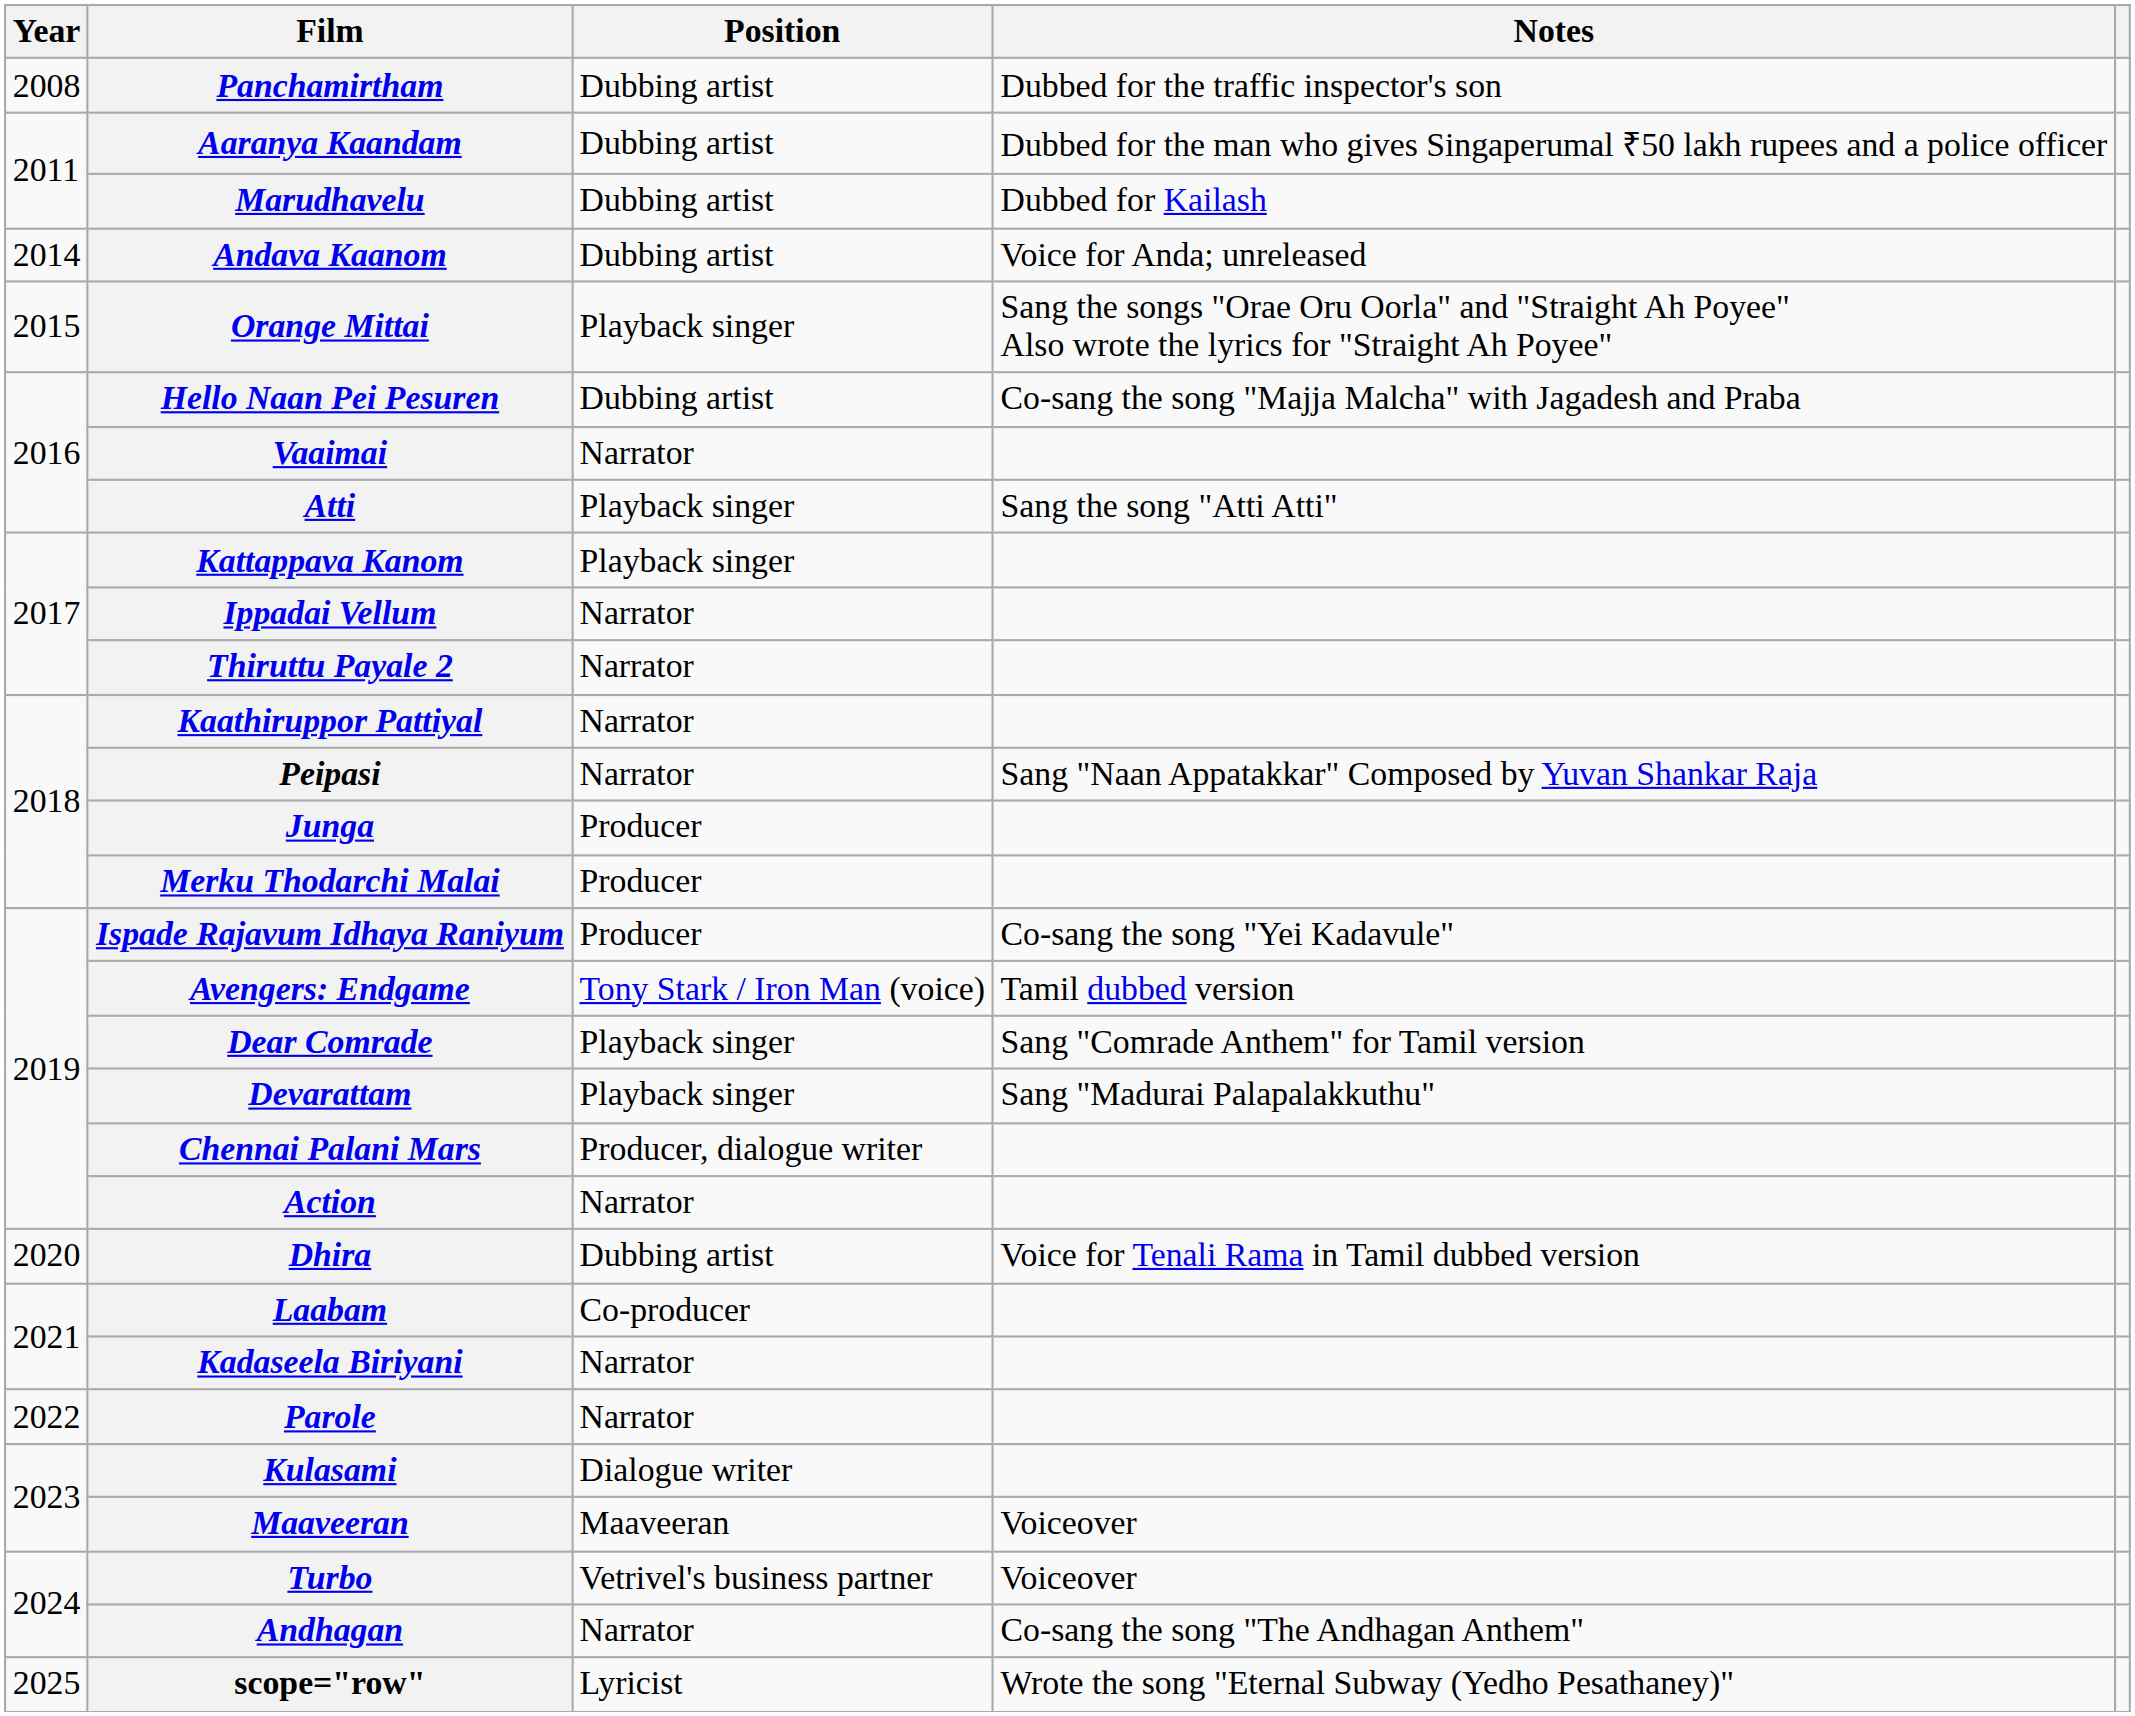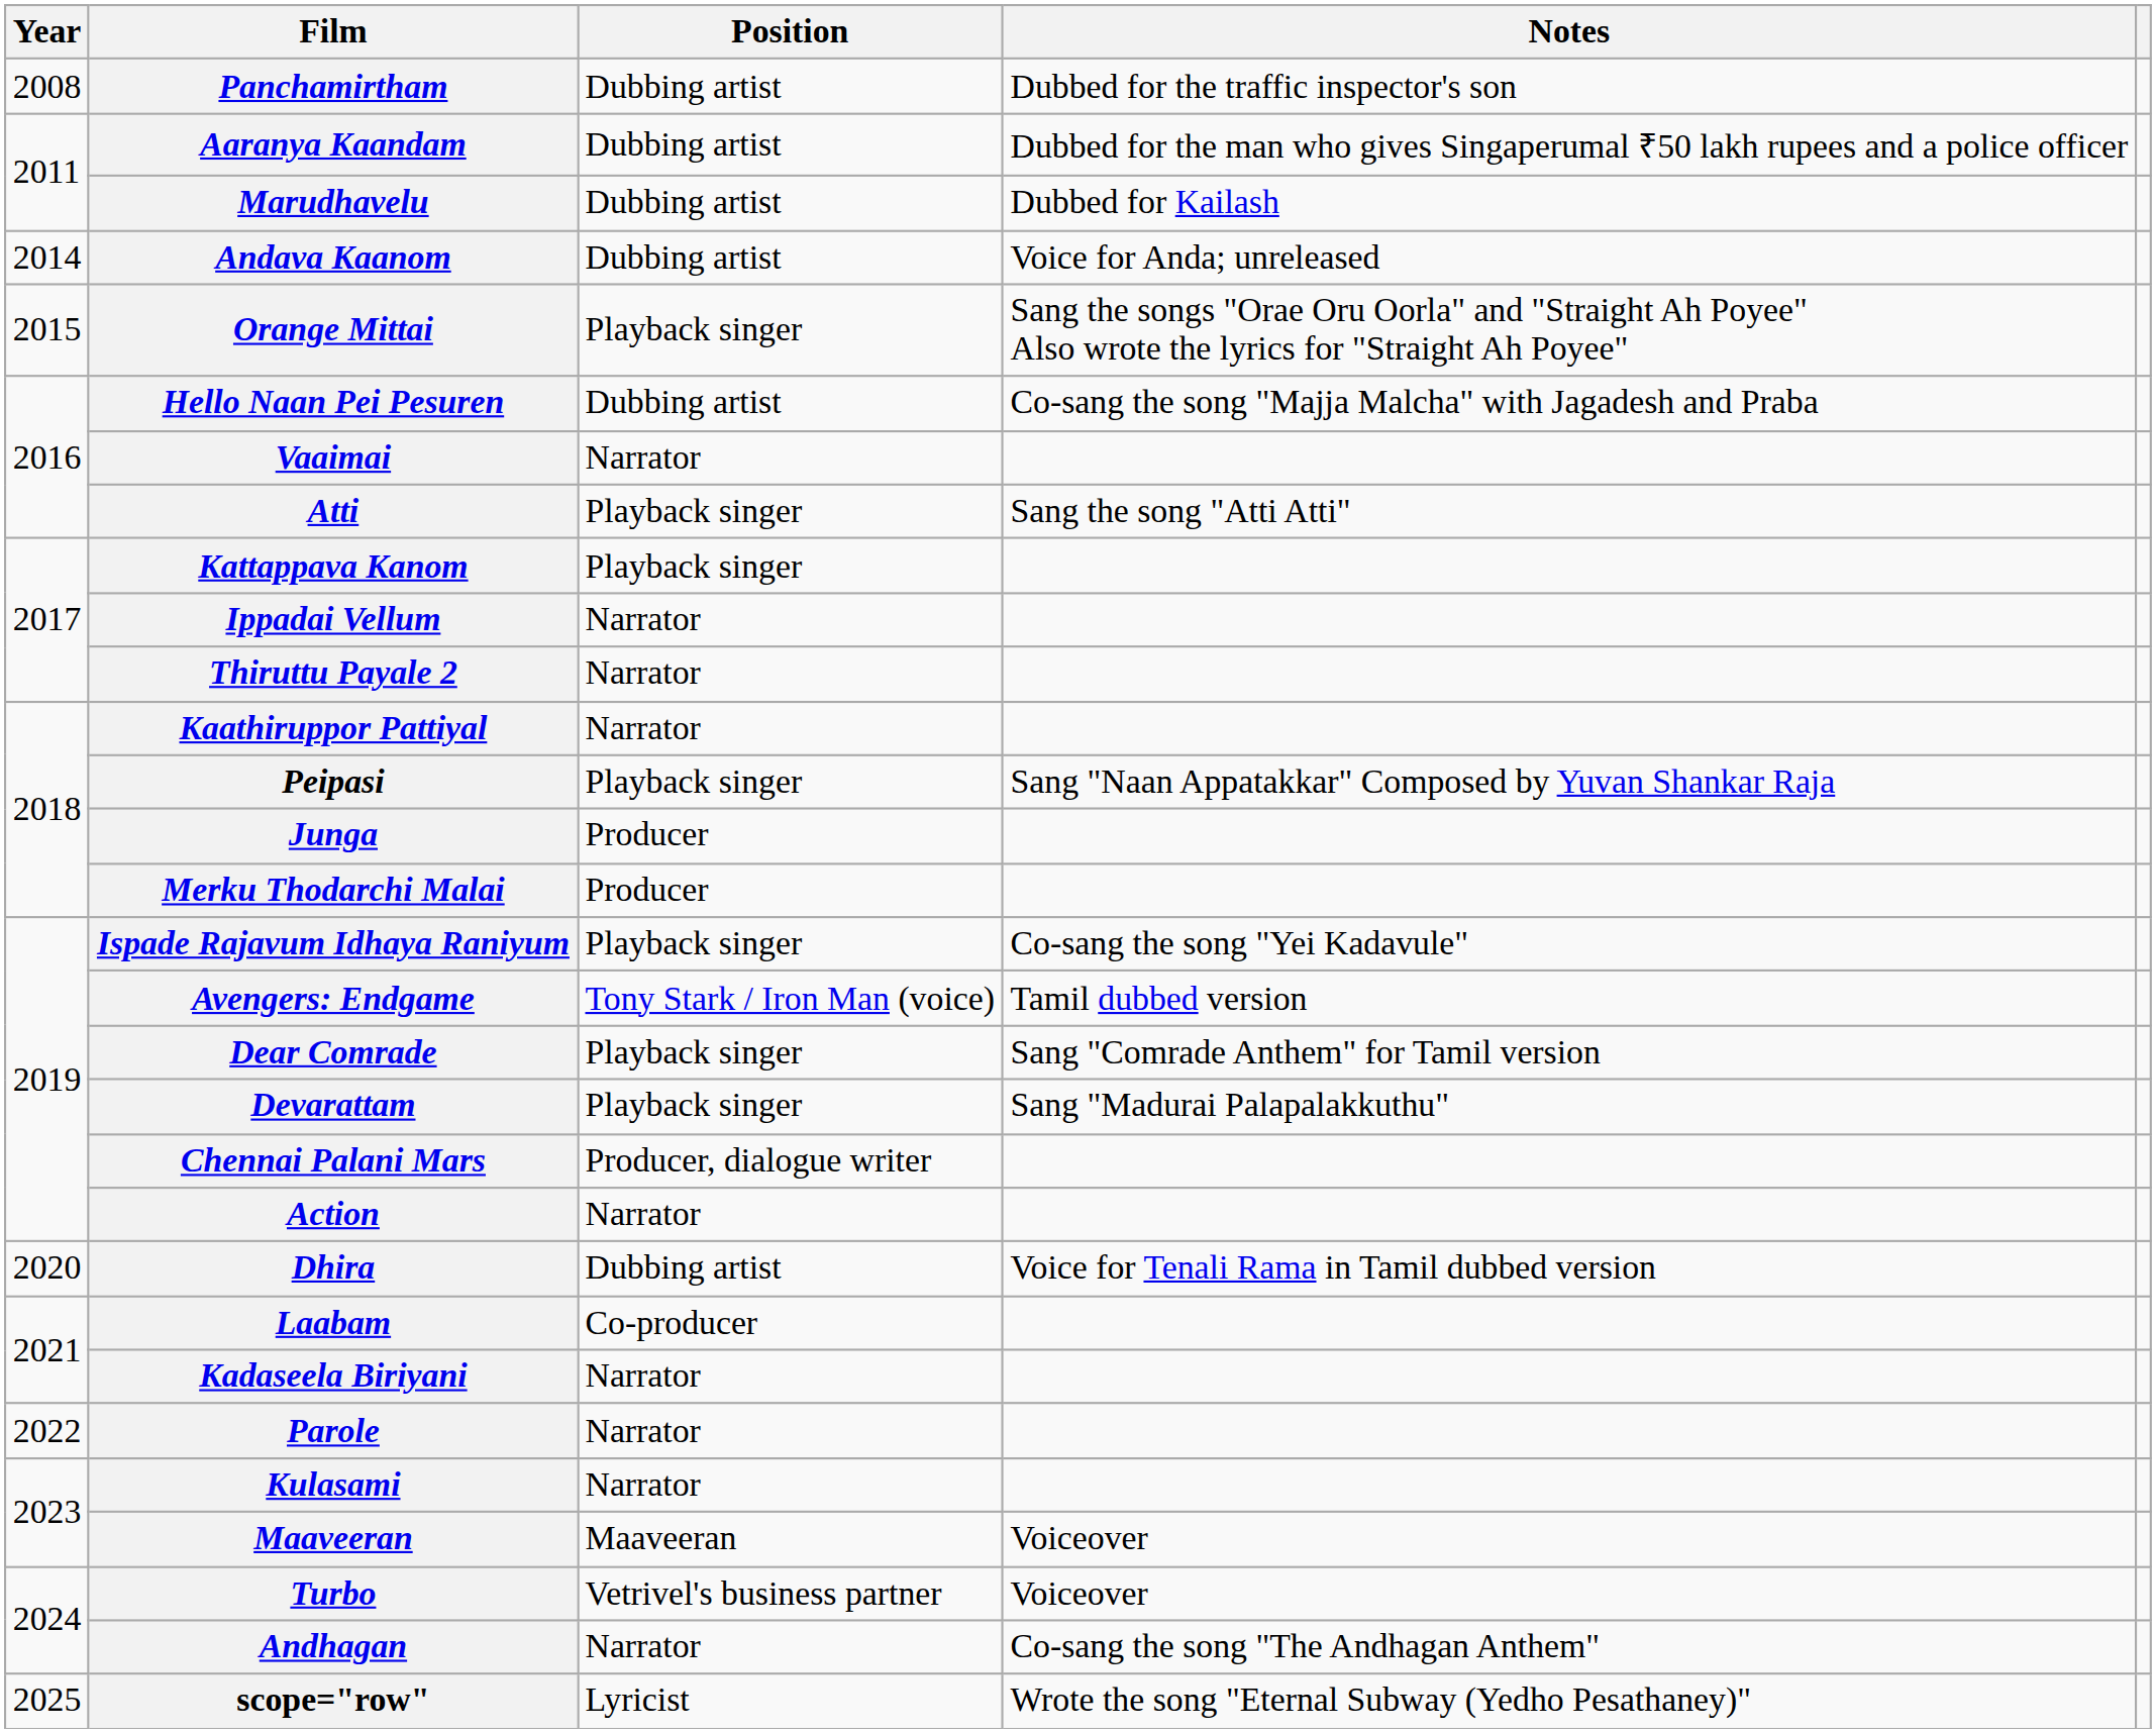 <table class="wikitable plainrowheaders sortable" style="margin-right: 0;">
 <tr>
 <th scope="col">Year</th>
 <th scope="col">Film</th>
 <th scope="col">Position</th>
 <th scope="col" class="unsortable">Notes</th>
 <th scope="col" class="unsortable"></th>
 </tr>
 <tr>
 <td>2008</td>
 <th scope="row"><em><a href='#'>Panchamirtham</a></em></th>
 <td>Dubbing artist</td>
 <td>Dubbed for the traffic inspector's son</td>
 <td style="text-align:center;"></td>
 </tr>
 <tr>
 <td rowspan="2">2011</td>
 <th scope="row"><em><a href='#'>Aaranya Kaandam</a></em></th>
 <td>Dubbing artist</td>
 <td>Dubbed for the man who gives Singaperumal ₹50 lakh rupees and a police officer</td>
 <td style="text-align:center;"></td>
 </tr>
 <tr>
 <th scope="row"><em><a href='#'>Marudhavelu</a></em></th>
 <td>Dubbing artist</td>
 <td>Dubbed for <a href='#'>Kailash</a></td>
 <td style="text-align:center;"></td>
 </tr>
 <tr>
 <td>2014</td>
 <th scope="row"><em><a href='#'>Andava Kaanom</a></em></th>
 <td>Dubbing artist</td>
 <td>Voice for Anda; unreleased</td>
 <td style="text-align:center;"></td>
 </tr>
 <tr>
 <td>2015</td>
 <th scope="row"><em><a href='#'>Orange Mittai</a></em></th>
 <td>Playback singer</td>
 <td>Sang the songs "Orae Oru Oorla" and "Straight Ah Poyee"<br>Also wrote the lyrics for "Straight Ah Poyee"</td>
 <td style="text-align:center;"><br></td>
 </tr>
 <tr>
 <td rowspan="3">2016</td>
 <th scope="row"><em><a href='#'>Hello Naan Pei Pesuren</a></em></th>
 <td>Dubbing artist</td>
 <td>Co-sang the song "Majja Malcha" with Jagadesh and Praba</td>
 <td style="text-align:center;"><br></td>
 </tr>
 <tr>
 <th scope="row"><em><a href='#'>Vaaimai</a></em></th>
 <td>Narrator</td>
 <td></td>
 <td style="text-align:center;"></td>
 </tr>
 <tr>
 <th scope="row"><em><a href='#'>Atti</a></em></th>
 <td>Playback singer</td>
 <td>Sang the song "Atti Atti"</td>
 <td style="text-align:center;"></td>
 </tr>
 <tr>
 <td rowspan="3">2017</td>
 <th scope="row"><em><a href='#'>Kattappava Kanom</a></em></th>
 <td>Playback singer</td>
 <td></td>
 <td style="text-align:center;"></td>
 </tr>
 <tr>
 <th scope="row"><em><a href='#'>Ippadai Vellum</a></em></th>
 <td>Narrator</td>
 <td></td>
 <td style="text-align:center;"></td>
 </tr>
 <tr>
 <th scope="row"><em><a href='#'>Thiruttu Payale 2</a></em></th>
 <td>Narrator</td>
 <td></td>
 <td style="text-align:center;"><br></td>
 </tr>
 <tr>
 <td rowspan="4">2018</td>
 <th scope="row"><em><a href='#'>Kaathiruppor Pattiyal</a></em></th>
 <td>Narrator</td>
 <td></td>
 <td style="text-align:center;"></td>
 </tr>
 <tr>
 <th scope="row"><em>Peipasi</em></th>
-<td>Narrator</td>
+<td>Playback singer</td>
 <td>Sang "Naan Appatakkar" Composed by <a href='#'>Yuvan Shankar Raja</a></td>
 <td style="text-align:center;"></td>
 </tr>
 <tr>
 <th scope="row"><em><a href='#'>Junga</a></em></th>
 <td>Producer</td>
 <td></td>
 <td style="text-align:center;"></td>
 </tr>
 <tr>
 <th scope="row"><em><a href='#'>Merku Thodarchi Malai</a></em></th>
 <td>Producer</td>
 <td></td>
 <td style="text-align:center;"></td>
 </tr>
 <tr>
 <td rowspan="6">2019</td>
 <th scope="row"><em><a href='#'>Ispade Rajavum Idhaya Raniyum</a></em></th>
-<td>Producer</td>
+<td>Playback singer</td>
 <td>Co-sang the song "Yei Kadavule"</td>
 <td style="text-align:center;"></td>
 </tr>
 <tr>
 <th scope="row"><em><a href='#'>Avengers: Endgame</a></em></th>
 <td><a href='#'>Tony Stark / Iron Man</a> (voice)</td>
 <td>Tamil <a href='#'>dubbed</a> version</td>
 <td style="text-align:center;"></td>
 </tr>
 <tr>
 <th scope="row"><em><a href='#'>Dear Comrade</a></em></th>
 <td>Playback singer</td>
 <td>Sang "Comrade Anthem" for Tamil version</td>
 <td style="text-align:center;"></td>
 </tr>
 <tr>
 <th scope="row"><em><a href='#'>Devarattam</a></em></th>
 <td>Playback singer</td>
 <td>Sang "Madurai Palapalakkuthu"</td>
 <td style="text-align:center;"></td>
 </tr>
 <tr>
 <th scope="row"><em><a href='#'>Chennai Palani Mars</a></em></th>
 <td>Producer, dialogue writer</td>
 <td></td>
 <td style="text-align:center;"></td>
 </tr>
 <tr>
 <th scope="row"><em><a href='#'>Action</a></em></th>
 <td>Narrator</td>
 <td></td>
 <td style="text-align:center;"></td>
 </tr>
 <tr>
 <td>2020</td>
 <th scope="row"><em><a href='#'>Dhira</a></em></th>
 <td>Dubbing artist</td>
 <td>Voice for <a href='#'>Tenali Rama</a> in Tamil dubbed version</td>
 <td style="text-align:center;"></td>
 </tr>
 <tr>
 <td rowspan="2">2021</td>
 <th scope="row"><em><a href='#'>Laabam</a></em></th>
 <td>Co-producer</td>
 <td></td>
 <td style="text-align:center;"></td>
 </tr>
 <tr>
 <th scope="row"><em><a href='#'>Kadaseela Biriyani</a></em></th>
 <td>Narrator</td>
 <td></td>
 <td style="text-align:center;"></td>
 </tr>
 <tr>
 <td>2022</td>
 <th scope ="row"><em><a href='#'>Parole</a></em></th>
 <td>Narrator</td>
 <td></td>
 <td style ="text-align:center;"></td>
 </tr>
 <tr>
 <td rowspan="2">2023</td>
 <th scope="row"><em><a href='#'>Kulasami</a></em></th>
-<td>Dialogue writer</td>
+<td>Narrator</td>
 <td></td>
 <td style ="text-align:center;"></td>
 </tr>
 <tr>
 <th scope="row"><em><a href='#'>Maaveeran</a></em></th>
 <td>Maaveeran</td>
 <td>Voiceover</td>
 <td style ="text-align:center;"></td>
 </tr>
 <tr>
 <td rowspan="2">2024</td>
 <th scope ="row"><em><a href='#'>Turbo</a></em></th>
 <td>Vetrivel's business partner</td>
 <td>Voiceover</td>
 <td style="text-align:center;"></td>
 </tr>
 <tr>
 <th scope="row"><em><a href='#'>Andhagan</a></em></th>
 <td>Narrator</td>
 <td>Co-sang the song "The Andhagan Anthem"</td>
 <td style="text-align:center;"></td>
 </tr>
 <tr>
 <td>2025</td>
 <th>scope="row" </th>
 <td>Lyricist</td>
 <td>Wrote the song "Eternal Subway (Yedho Pesathaney)"</td>
 <td style="text-align:center;"></td>
 </tr>
 </table>
